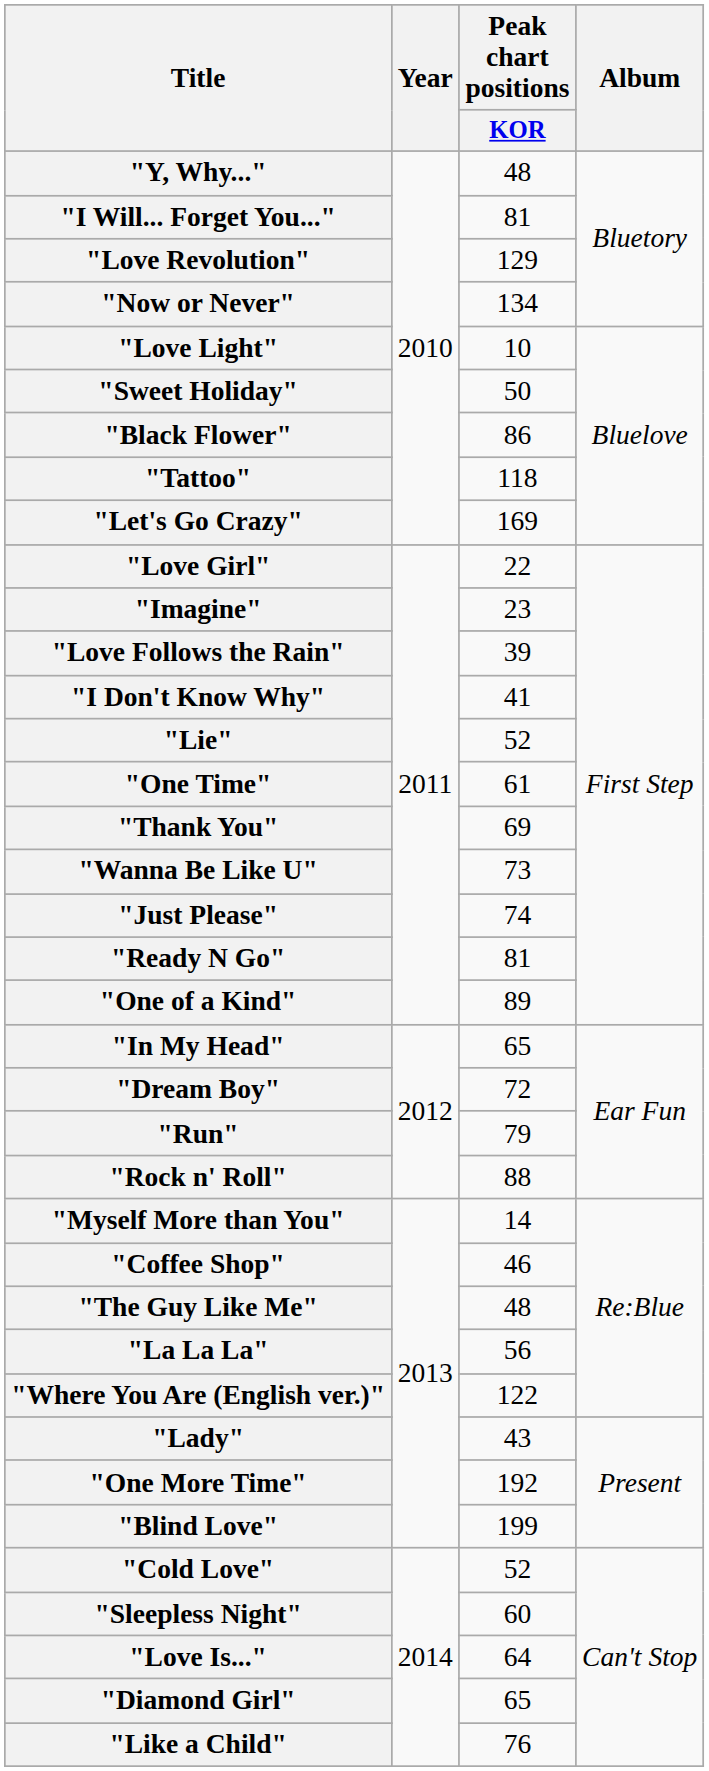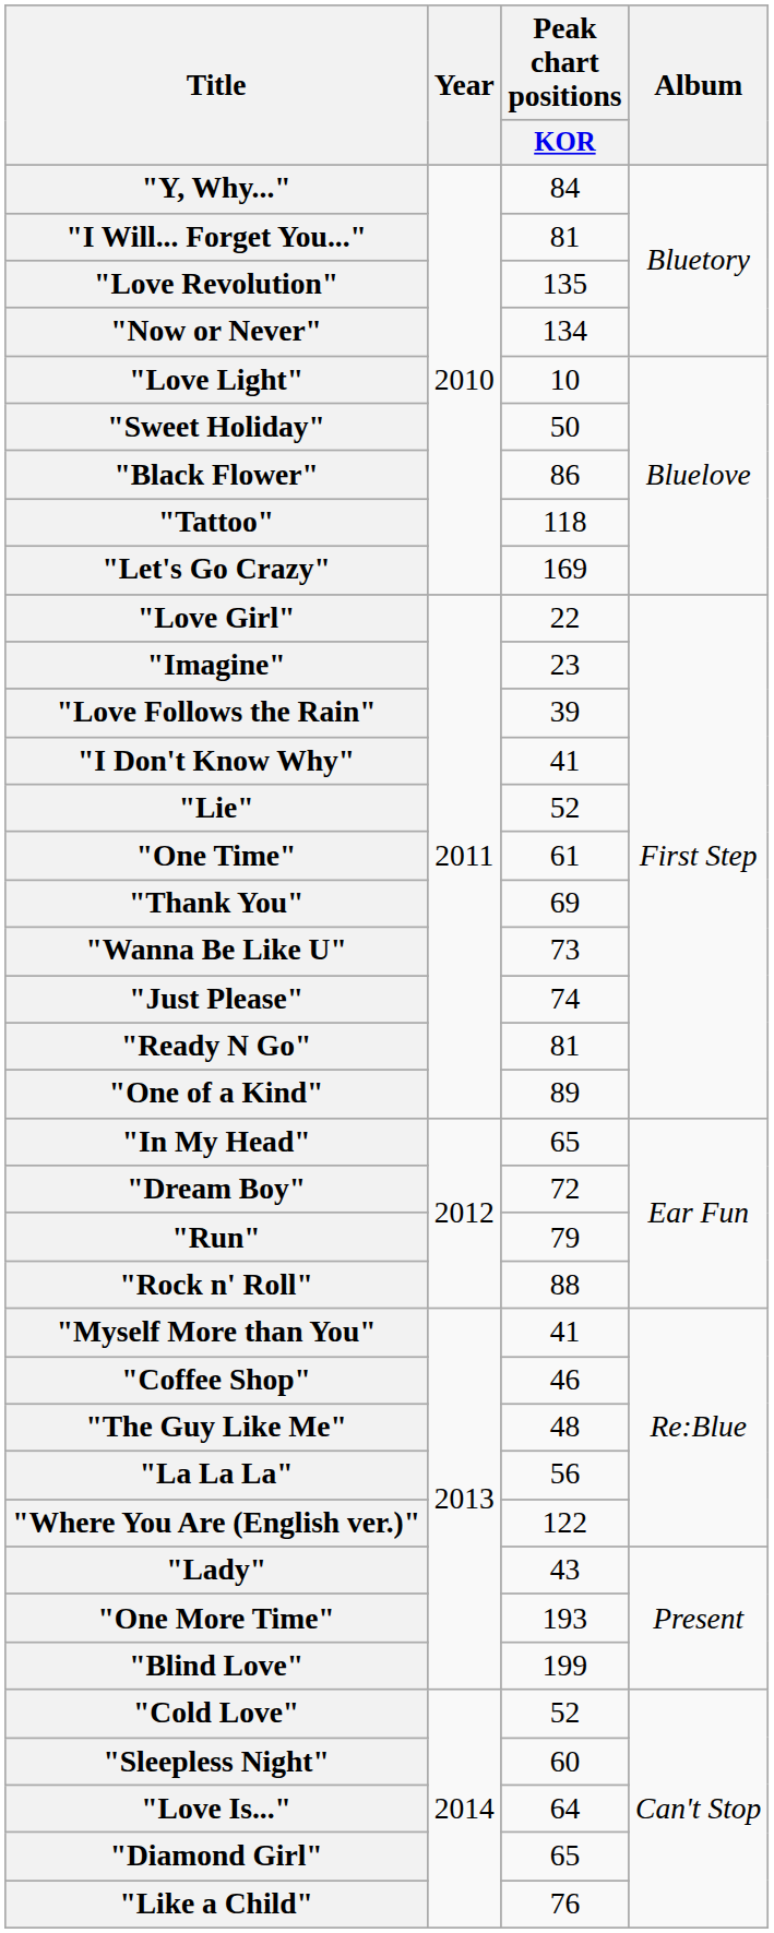 <table class="wikitable plainrowheaders" style="text-align:center" border="1">
 <tr>
 <th rowspan="2">Title</th>
 <th rowspan="2">Year</th>
 <th>Peak chart positions</th>
 <th rowspan="2">Album</th>
 </tr>
 <tr>
 <th scope="col" style="width:3em;font-size:90%"><a href='#'>KOR</a><br></th>
 </tr>
 <tr>
 <th scope="row">"Y, Why..."</th>
 <td rowspan="9">2010</td>
-<td>48</td>
+<td>84</td>
 <td rowspan="4"><em>Bluetory</em></td>
 </tr>
 <tr>
 <th scope="row">"I Will... Forget You..."</th>
 <td>81</td>
 </tr>
 <tr>
 <th scope="row">"Love Revolution"</th>
-<td>129</td>
+<td>135</td>
 </tr>
 <tr>
 <th scope="row">"Now or Never"</th>
 <td>134</td>
 </tr>
 <tr>
 <th scope="row">"Love Light"</th>
 <td>10</td>
 <td rowspan="5"><em>Bluelove</em></td>
 </tr>
 <tr>
 <th scope="row">"Sweet Holiday"</th>
 <td>50</td>
 </tr>
 <tr>
 <th scope="row">"Black Flower"</th>
 <td>86</td>
 </tr>
 <tr>
 <th scope="row">"Tattoo"</th>
 <td>118</td>
 </tr>
 <tr>
 <th scope="row">"Let's Go Crazy"</th>
 <td>169</td>
 </tr>
 <tr>
 <th scope="row">"Love Girl"</th>
 <td rowspan="11">2011</td>
 <td>22</td>
 <td rowspan="11"><em>First Step</em></td>
 </tr>
 <tr>
 <th scope="row">"Imagine"</th>
 <td>23</td>
 </tr>
 <tr>
 <th scope="row">"Love Follows the Rain"</th>
 <td>39</td>
 </tr>
 <tr>
 <th scope="row">"I Don't Know Why"</th>
 <td>41</td>
 </tr>
 <tr>
 <th scope="row">"Lie"</th>
 <td>52</td>
 </tr>
 <tr>
 <th scope="row">"One Time"</th>
 <td>61</td>
 </tr>
 <tr>
 <th scope="row">"Thank You"</th>
 <td>69</td>
 </tr>
 <tr>
 <th scope="row">"Wanna Be Like U"</th>
 <td>73</td>
 </tr>
 <tr>
 <th scope="row">"Just Please"</th>
 <td>74</td>
 </tr>
 <tr>
 <th scope="row">"Ready N Go"</th>
 <td>81</td>
 </tr>
 <tr>
 <th scope="row">"One of a Kind"</th>
 <td>89</td>
 </tr>
 <tr>
 <th scope="row">"In My Head"</th>
 <td rowspan="4">2012</td>
 <td>65</td>
 <td rowspan="4"><em>Ear Fun</em></td>
 </tr>
 <tr>
 <th scope="row">"Dream Boy"</th>
 <td>72</td>
 </tr>
 <tr>
 <th scope="row">"Run"</th>
 <td>79</td>
 </tr>
 <tr>
 <th scope="row">"Rock n' Roll"</th>
 <td>88</td>
 </tr>
 <tr>
 <th scope="row">"Myself More than You"</th>
 <td rowspan="8">2013</td>
-<td>14</td>
+<td>41</td>
 <td rowspan="5"><em>Re:Blue</em></td>
 </tr>
 <tr>
 <th scope="row">"Coffee Shop"</th>
 <td>46</td>
 </tr>
 <tr>
 <th scope="row">"The Guy Like Me"</th>
 <td>48</td>
 </tr>
 <tr>
 <th scope="row">"La La La"</th>
 <td>56</td>
 </tr>
 <tr>
 <th scope="row">"Where You Are (English ver.)"</th>
 <td>122</td>
 </tr>
 <tr>
 <th scope="row">"Lady"</th>
 <td>43</td>
 <td rowspan="3"><em>Present</em></td>
 </tr>
 <tr>
 <th scope="row">"One More Time"</th>
-<td>192</td>
+<td>193</td>
 </tr>
 <tr>
 <th scope="row">"Blind Love"</th>
 <td>199</td>
 </tr>
 <tr>
 <th scope="row">"Cold Love"</th>
 <td rowspan="5">2014</td>
 <td>52</td>
 <td rowspan="5"><em>Can't Stop</em></td>
 </tr>
 <tr>
 <th scope="row">"Sleepless Night"</th>
 <td>60</td>
 </tr>
 <tr>
 <th scope="row">"Love Is..."</th>
 <td>64</td>
 </tr>
 <tr>
 <th scope="row">"Diamond Girl"</th>
 <td>65</td>
 </tr>
 <tr>
 <th scope="row">"Like a Child"</th>
 <td>76</td>
 </tr>
 </table>
